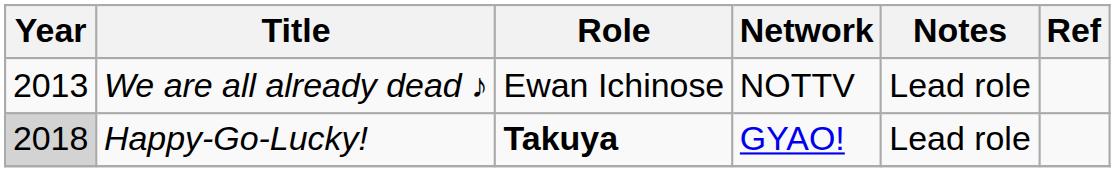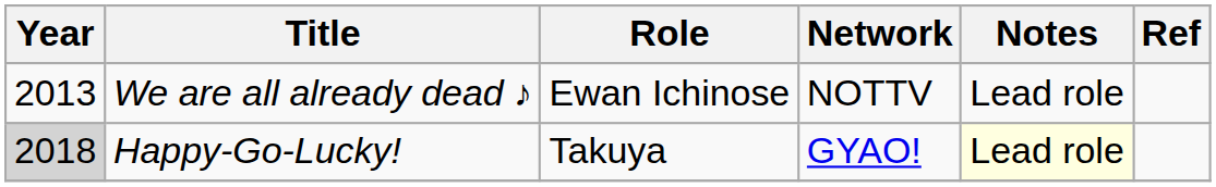 <table class="wikitable">
 <tr>
 <th>Year</th>
 <th>Title</th>
 <th>Role</th>
 <th>Network</th>
 <th>Notes</th>
 <th>Ref</th>
 </tr>
 <tr>
 <td>2013</td>
 <td><em>We are all already dead ♪</em></td>
 <td>Ewan Ichinose</td>
 <td>NOTTV</td>
 <td>Lead role</td>
 <td></td>
 </tr>
 <tr>
 <td style="background: lightgrey;">2018</td>
 <td><em>Happy-Go-Lucky!</em></td>
-<td><strong>Takuya</strong></td>
+<td>Takuya</td>
 <td><a href='#'>GYAO!</a></td>
-<td>Lead role</td>
+<td style="background: lightyellow;">Lead role</td>
 <td></td>
 </tr>
 <tr>
 </tr>
 </table>
